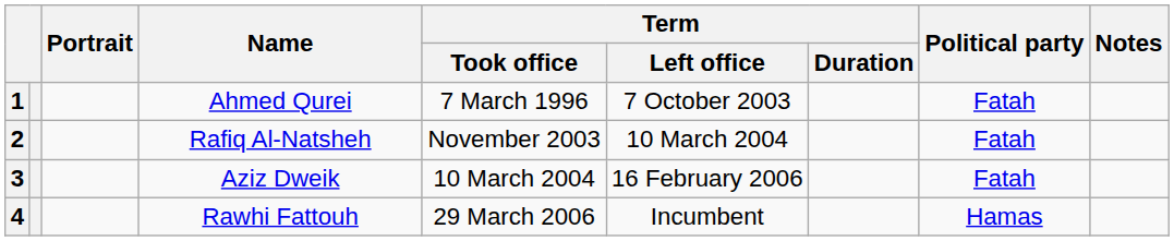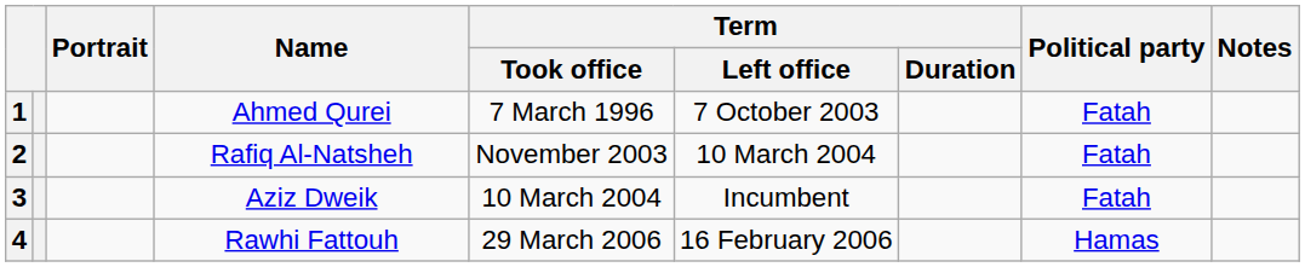 <table class="wikitable" style="text-align:center">
 <tr>
 <th rowspan=2 colspan=2></th>
 <th rowspan=2>Portrait</th>
 <th rowspan=2 width=180>Name<br></th>
 <th colspan=3>Term</th>
 <th rowspan=2>Political party</th>
 <th rowspan=2>Notes</th>
 </tr>
 <tr>
 <th>Took office</th>
 <th>Left office</th>
 <th>Duration</th>
 </tr>
 <tr>
 <th>1</th>
 <th style="background:"></th>
 <td></td>
 <td><a href='#'>Ahmed Qurei</a><br></td>
 <td>7 March 1996</td>
 <td>7 October 2003</td>
 <td></td>
 <td><a href='#'>Fatah</a><br></td>
 <td></td>
 </tr>
 <tr>
 <th>2</th>
 <th style="background:"></th>
 <td></td>
 <td><a href='#'>Rafiq Al-Natsheh</a><br></td>
 <td>November 2003</td>
 <td>10 March 2004</td>
 <td></td>
 <td><a href='#'>Fatah</a><br></td>
 <td></td>
 </tr>
 <tr>
 <th>3</th>
 <th style="background:"></th>
 <td></td>
 <td><a href='#'>Aziz Dweik</a><br></td>
 <td>10 March 2004</td>
-<td>16 February 2006</td>
+<td>Incumbent</td>
 <td></td>
 <td><a href='#'>Fatah</a><br></td>
 <td></td>
 </tr>
 <tr>
 <th>4</th>
 <th style="background:"></th>
 <td></td>
 <td><a href='#'>Rawhi Fattouh</a><br></td>
 <td>29 March 2006</td>
-<td>Incumbent</td>
+<td>16 February 2006</td>
 <td></td>
 <td><a href='#'>Hamas</a></td>
 <td></td>
 </tr>
 </table>
